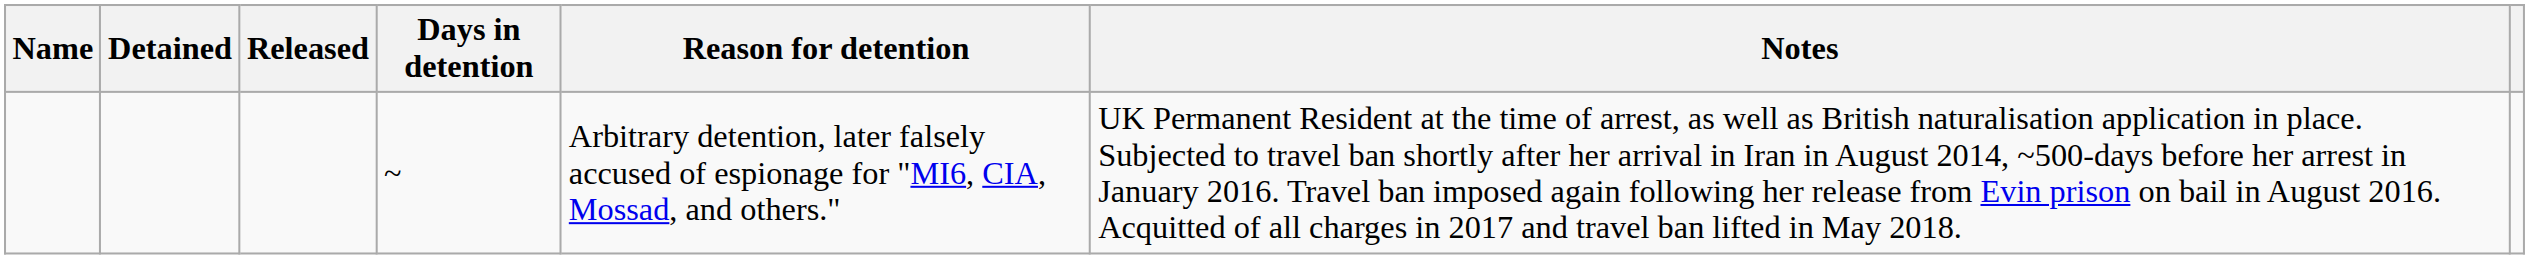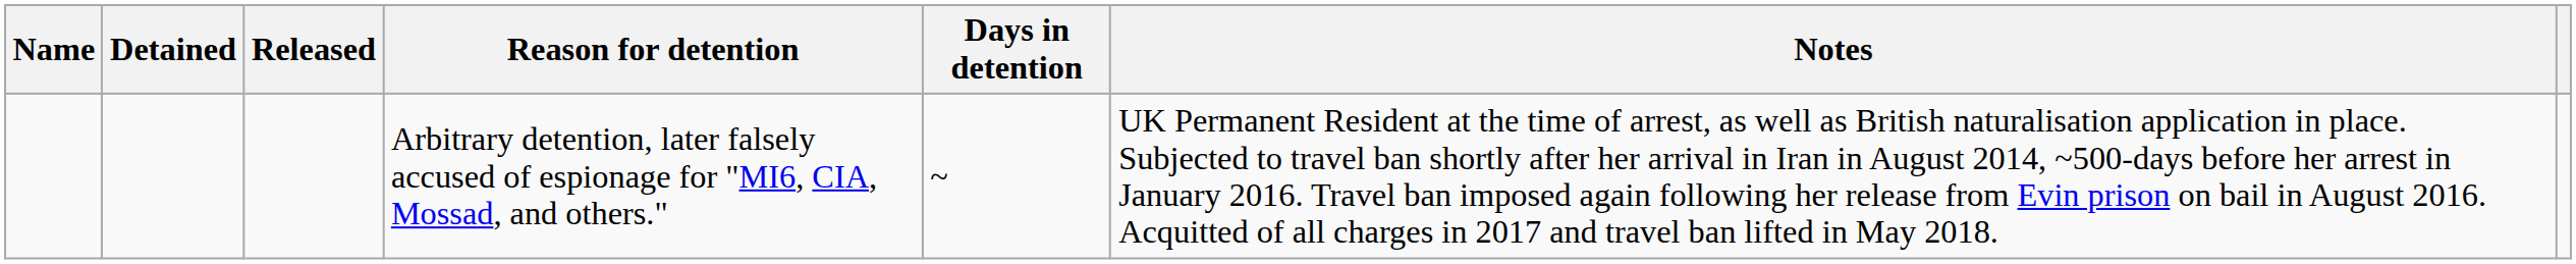 <table class="wikitable sortable">
 <tr>
 <th>Name</th>
 <th>Detained</th>
 <th>Released</th>
+<th>Reason for detention</th>
 <th>Days in detention</th>
-<th>Reason for detention</th>
 <th>Notes</th>
 <th class="unsortable"></th>
 </tr>
 <tr>
 <td></td>
 <td></td>
 <td></td>
+<td>Arbitrary detention, later falsely accused of espionage for "<a href='#'>MI6</a>, <a href='#'>CIA</a>, <a href='#'>Mossad</a>, and others."</td>
 <td>~</td>
-<td>Arbitrary detention, later falsely accused of espionage for "<a href='#'>MI6</a>, <a href='#'>CIA</a>, <a href='#'>Mossad</a>, and others."</td>
 <td>UK Permanent Resident at the time of arrest, as well as British naturalisation application in place.<br>Subjected to travel ban shortly after her arrival in Iran in August 2014, ~500-days before her arrest in January 2016. Travel ban imposed again following her release from <a href='#'>Evin prison</a> on bail in August 2016. Acquitted of all charges in 2017 and travel ban lifted in May 2018.</td>
 <td align="center"></td>
 </tr>
 </table>
